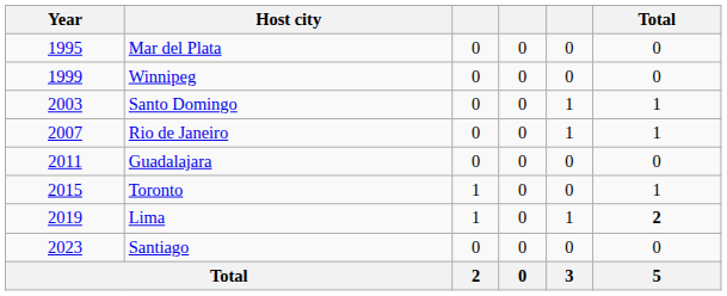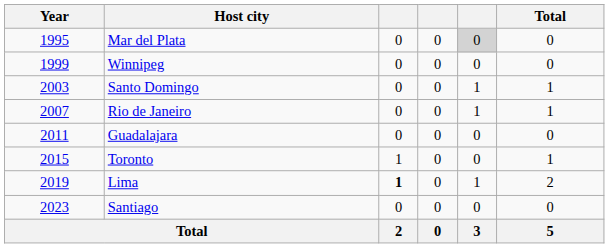 <table class="wikitable sortable" style=" text-align:center; font-size:95%;" width="50%">
 <tr>
 <th>Year</th>
 <th>Host city</th>
 <th></th>
 <th></th>
 <th></th>
 <th>Total</th>
 </tr>
 <tr>
 <td><a href='#'>1995</a></td>
 <td align=left> <a href='#'>Mar del Plata</a></td>
 <td>0</td>
 <td>0</td>
-<td>0</td>
+<td style="background: lightgrey;">0</td>
 <td>0</td>
 </tr>
 <tr>
 <td><a href='#'>1999</a></td>
 <td align=left> <a href='#'>Winnipeg</a></td>
 <td>0</td>
 <td>0</td>
 <td>0</td>
 <td>0</td>
 </tr>
 <tr>
 <td><a href='#'>2003</a></td>
 <td align=left> <a href='#'>Santo Domingo</a></td>
 <td>0</td>
 <td>0</td>
 <td>1</td>
 <td>1</td>
 </tr>
 <tr>
 <td><a href='#'>2007</a></td>
 <td align=left> <a href='#'>Rio de Janeiro</a></td>
 <td>0</td>
 <td>0</td>
 <td>1</td>
 <td>1</td>
 </tr>
 <tr>
 <td><a href='#'>2011</a></td>
 <td align=left> <a href='#'>Guadalajara</a></td>
 <td>0</td>
 <td>0</td>
 <td>0</td>
 <td>0</td>
 </tr>
 <tr>
 <td><a href='#'>2015</a></td>
 <td align=left> <a href='#'>Toronto</a></td>
 <td>1</td>
 <td>0</td>
 <td>0</td>
 <td>1</td>
 </tr>
 <tr>
 <td><a href='#'>2019</a></td>
 <td align=left> <a href='#'>Lima</a></td>
-<td>1</td>
+<td><strong>1</strong></td>
 <td>0</td>
 <td>1</td>
-<td><strong>2</strong></td>
+<td>2</td>
 </tr>
 <tr>
 <td><a href='#'>2023</a></td>
 <td align=left> <a href='#'>Santiago</a></td>
 <td>0</td>
 <td>0</td>
 <td>0</td>
 <td>0</td>
 </tr>
 <tr>
 <th colspan="2">Total</th>
 <th>2</th>
 <th>0</th>
 <th>3</th>
 <th>5</th>
 </tr>
 </table>
